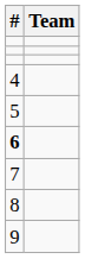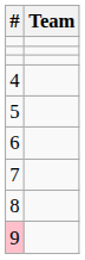 <table class="wikitable">
 <tr>
 <th>#</th>
 <th>Team</th>
 </tr>
 <tr>
 <td></td>
 <td></td>
 </tr>
 <tr>
 <td></td>
 <td></td>
 </tr>
 <tr>
 <td></td>
 <td></td>
 </tr>
 <tr>
 <td>4</td>
 <td></td>
 </tr>
 <tr>
 <td>5</td>
 <td></td>
 </tr>
 <tr>
-<td><strong>6</strong></td>
+<td>6</td>
 <td></td>
 </tr>
 <tr>
 <td>7</td>
 <td></td>
 </tr>
 <tr>
 <td>8</td>
 <td></td>
 </tr>
 <tr>
-<td>9</td>
+<td style="background: pink;">9</td>
 <td></td>
 </tr>
 </table>
